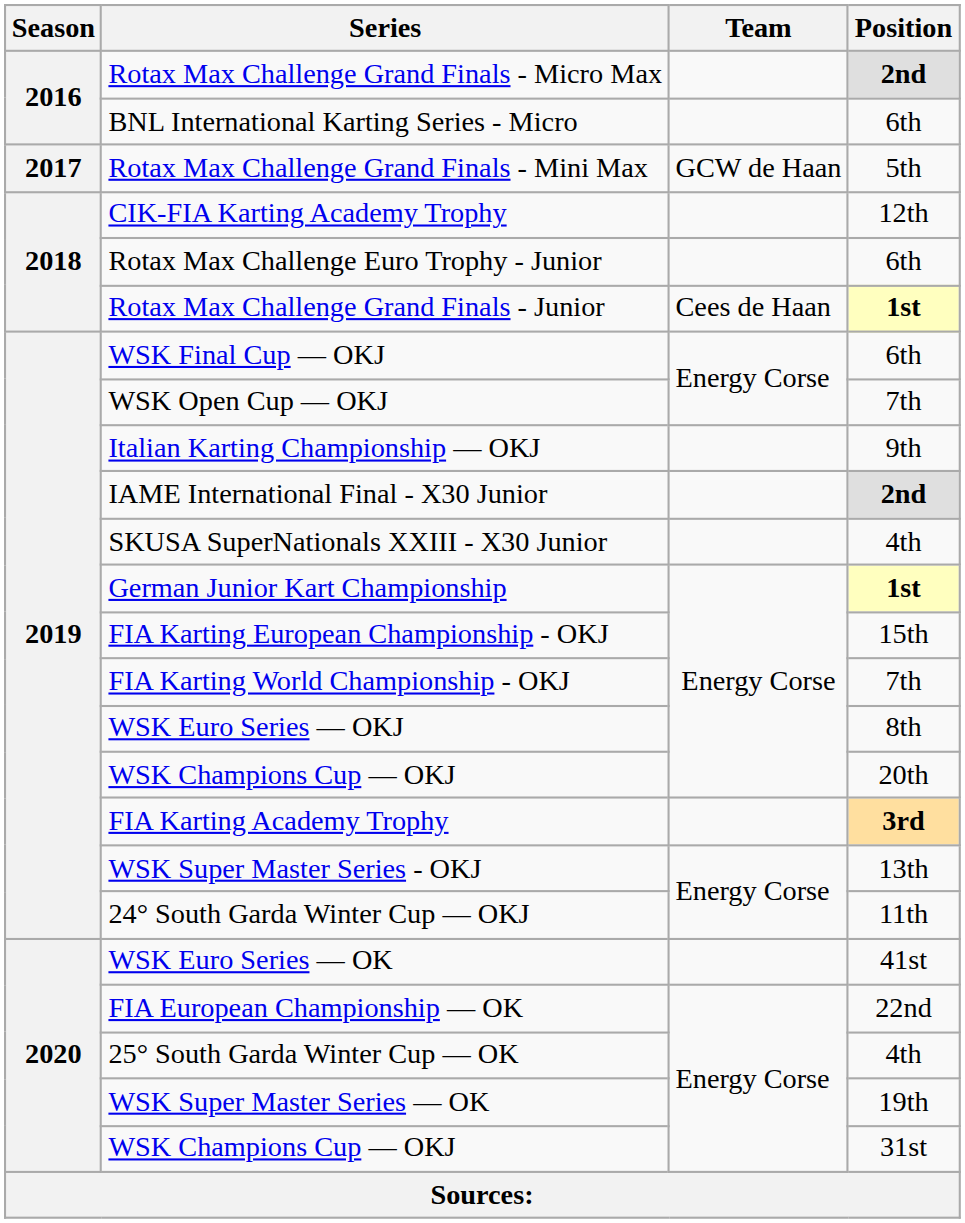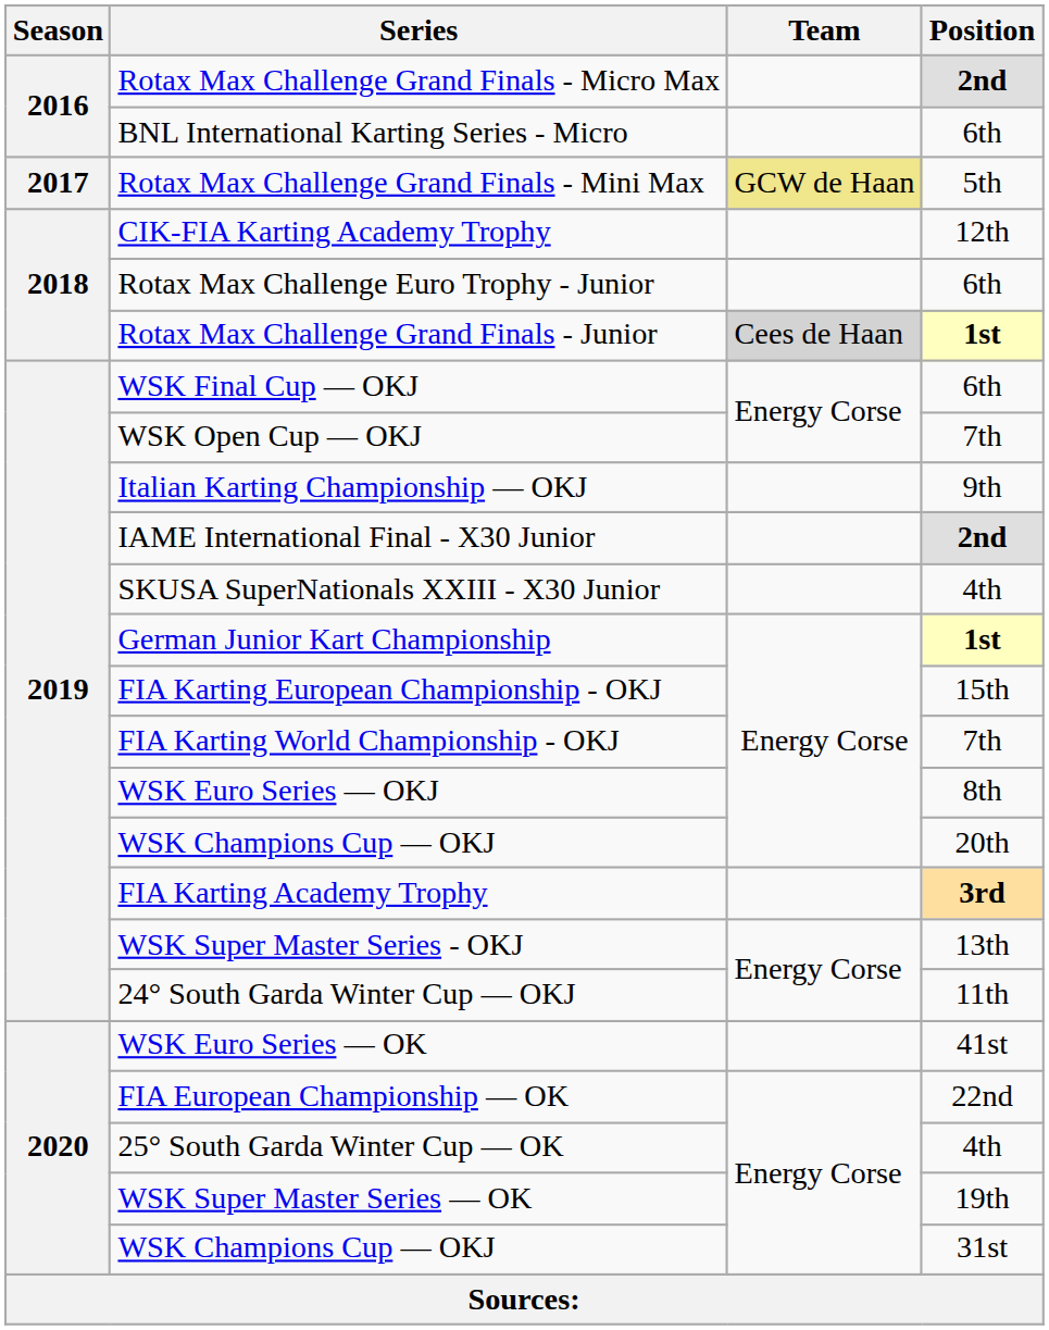 <table class="wikitable" style="font-size: 85%; text-align:center">
 <tr>
 <th>Season</th>
 <th>Series</th>
 <th>Team</th>
 <th>Position</th>
 </tr>
 <tr>
 <th rowspan="2">2016</th>
 <td align="left"><a href='#'>Rotax Max Challenge Grand Finals</a> - Micro Max</td>
 <td align="left"></td>
 <td style="background:#DFDFDF;"><strong>2nd</strong></td>
 </tr>
 <tr>
 <td align="left">BNL International Karting Series - Micro</td>
 <td align="left"></td>
 <td>6th</td>
 </tr>
 <tr>
 <th>2017</th>
 <td align="left"><a href='#'>Rotax Max Challenge Grand Finals</a> - Mini Max</td>
-<td align="left">GCW de Haan</td>
+<td align="left" style="background: khaki;">GCW de Haan</td>
 <td>5th</td>
 </tr>
 <tr>
 <th rowspan="3">2018</th>
 <td align="left"><a href='#'>CIK-FIA Karting Academy Trophy</a></td>
 <td align="left"></td>
 <td>12th</td>
 </tr>
 <tr>
 <td align="left">Rotax Max Challenge Euro Trophy - Junior</td>
 <td align="left"></td>
 <td>6th</td>
 </tr>
 <tr>
 <td align="left"><a href='#'>Rotax Max Challenge Grand Finals</a> - Junior</td>
-<td align="left">Cees de Haan</td>
+<td align="left" style="background: lightgrey;">Cees de Haan</td>
 <td style="background:#FFFFBF;"><strong>1st</strong></td>
 </tr>
 <tr>
 <th rowspan="13">2019</th>
 <td align="left"><a href='#'>WSK Final Cup</a> — OKJ</td>
 <td rowspan="2"  align="left">Energy Corse</td>
 <td>6th</td>
 </tr>
 <tr>
 <td align="left">WSK Open Cup — OKJ</td>
 <td>7th</td>
 </tr>
 <tr>
 <td align="left"><a href='#'>Italian Karting Championship</a> — OKJ</td>
 <td align="left"></td>
 <td>9th</td>
 </tr>
 <tr>
 <td align="left">IAME International Final - X30 Junior</td>
 <td align="left"></td>
 <td style="background:#DFDFDF;"><strong>2nd</strong></td>
 </tr>
 <tr>
 <td align="left">SKUSA SuperNationals XXIII - X30 Junior</td>
 <td align="left"></td>
 <td>4th</td>
 </tr>
 <tr>
 <td align="left"><a href='#'>German Junior Kart Championship</a></td>
 <td rowspan="5">Energy Corse</td>
 <td style="background:#FFFFBF;"><strong>1st</strong></td>
 </tr>
 <tr>
 <td align="left"><a href='#'>FIA Karting European Championship</a> - OKJ</td>
 <td>15th</td>
 </tr>
 <tr>
 <td align="left"><a href='#'>FIA Karting World Championship</a> - OKJ</td>
 <td>7th</td>
 </tr>
 <tr>
 <td align="left"><a href='#'>WSK Euro Series</a> — OKJ</td>
 <td>8th</td>
 </tr>
 <tr>
 <td align="left"><a href='#'>WSK Champions Cup</a> — OKJ</td>
 <td>20th</td>
 </tr>
 <tr>
 <td align="left"><a href='#'>FIA Karting Academy Trophy</a></td>
 <td align="left"></td>
 <td style="background:#FFDF9F;"><strong>3rd</strong></td>
 </tr>
 <tr>
 <td align="left"><a href='#'>WSK Super Master Series</a> - OKJ</td>
 <td rowspan="2" align="left">Energy Corse</td>
 <td>13th</td>
 </tr>
 <tr>
 <td align="left">24° South Garda Winter Cup — OKJ</td>
 <td>11th</td>
 </tr>
 <tr>
 <th rowspan="5">2020</th>
 <td align="left"><a href='#'>WSK Euro Series</a> — OK</td>
 <td align="left"></td>
 <td>41st</td>
 </tr>
 <tr>
 <td align="left"><a href='#'>FIA European Championship</a> — OK</td>
 <td rowspan="4" align="left">Energy Corse</td>
 <td>22nd</td>
 </tr>
 <tr>
 <td align="left">25° South Garda Winter Cup — OK</td>
 <td>4th</td>
 </tr>
 <tr>
 <td align="left"><a href='#'>WSK Super Master Series</a> — OK</td>
 <td>19th</td>
 </tr>
 <tr>
 <td align="left"><a href='#'>WSK Champions Cup</a> — OKJ</td>
 <td>31st</td>
 </tr>
 <tr>
 <th colspan="4">Sources:</th>
 </tr>
 </table>
